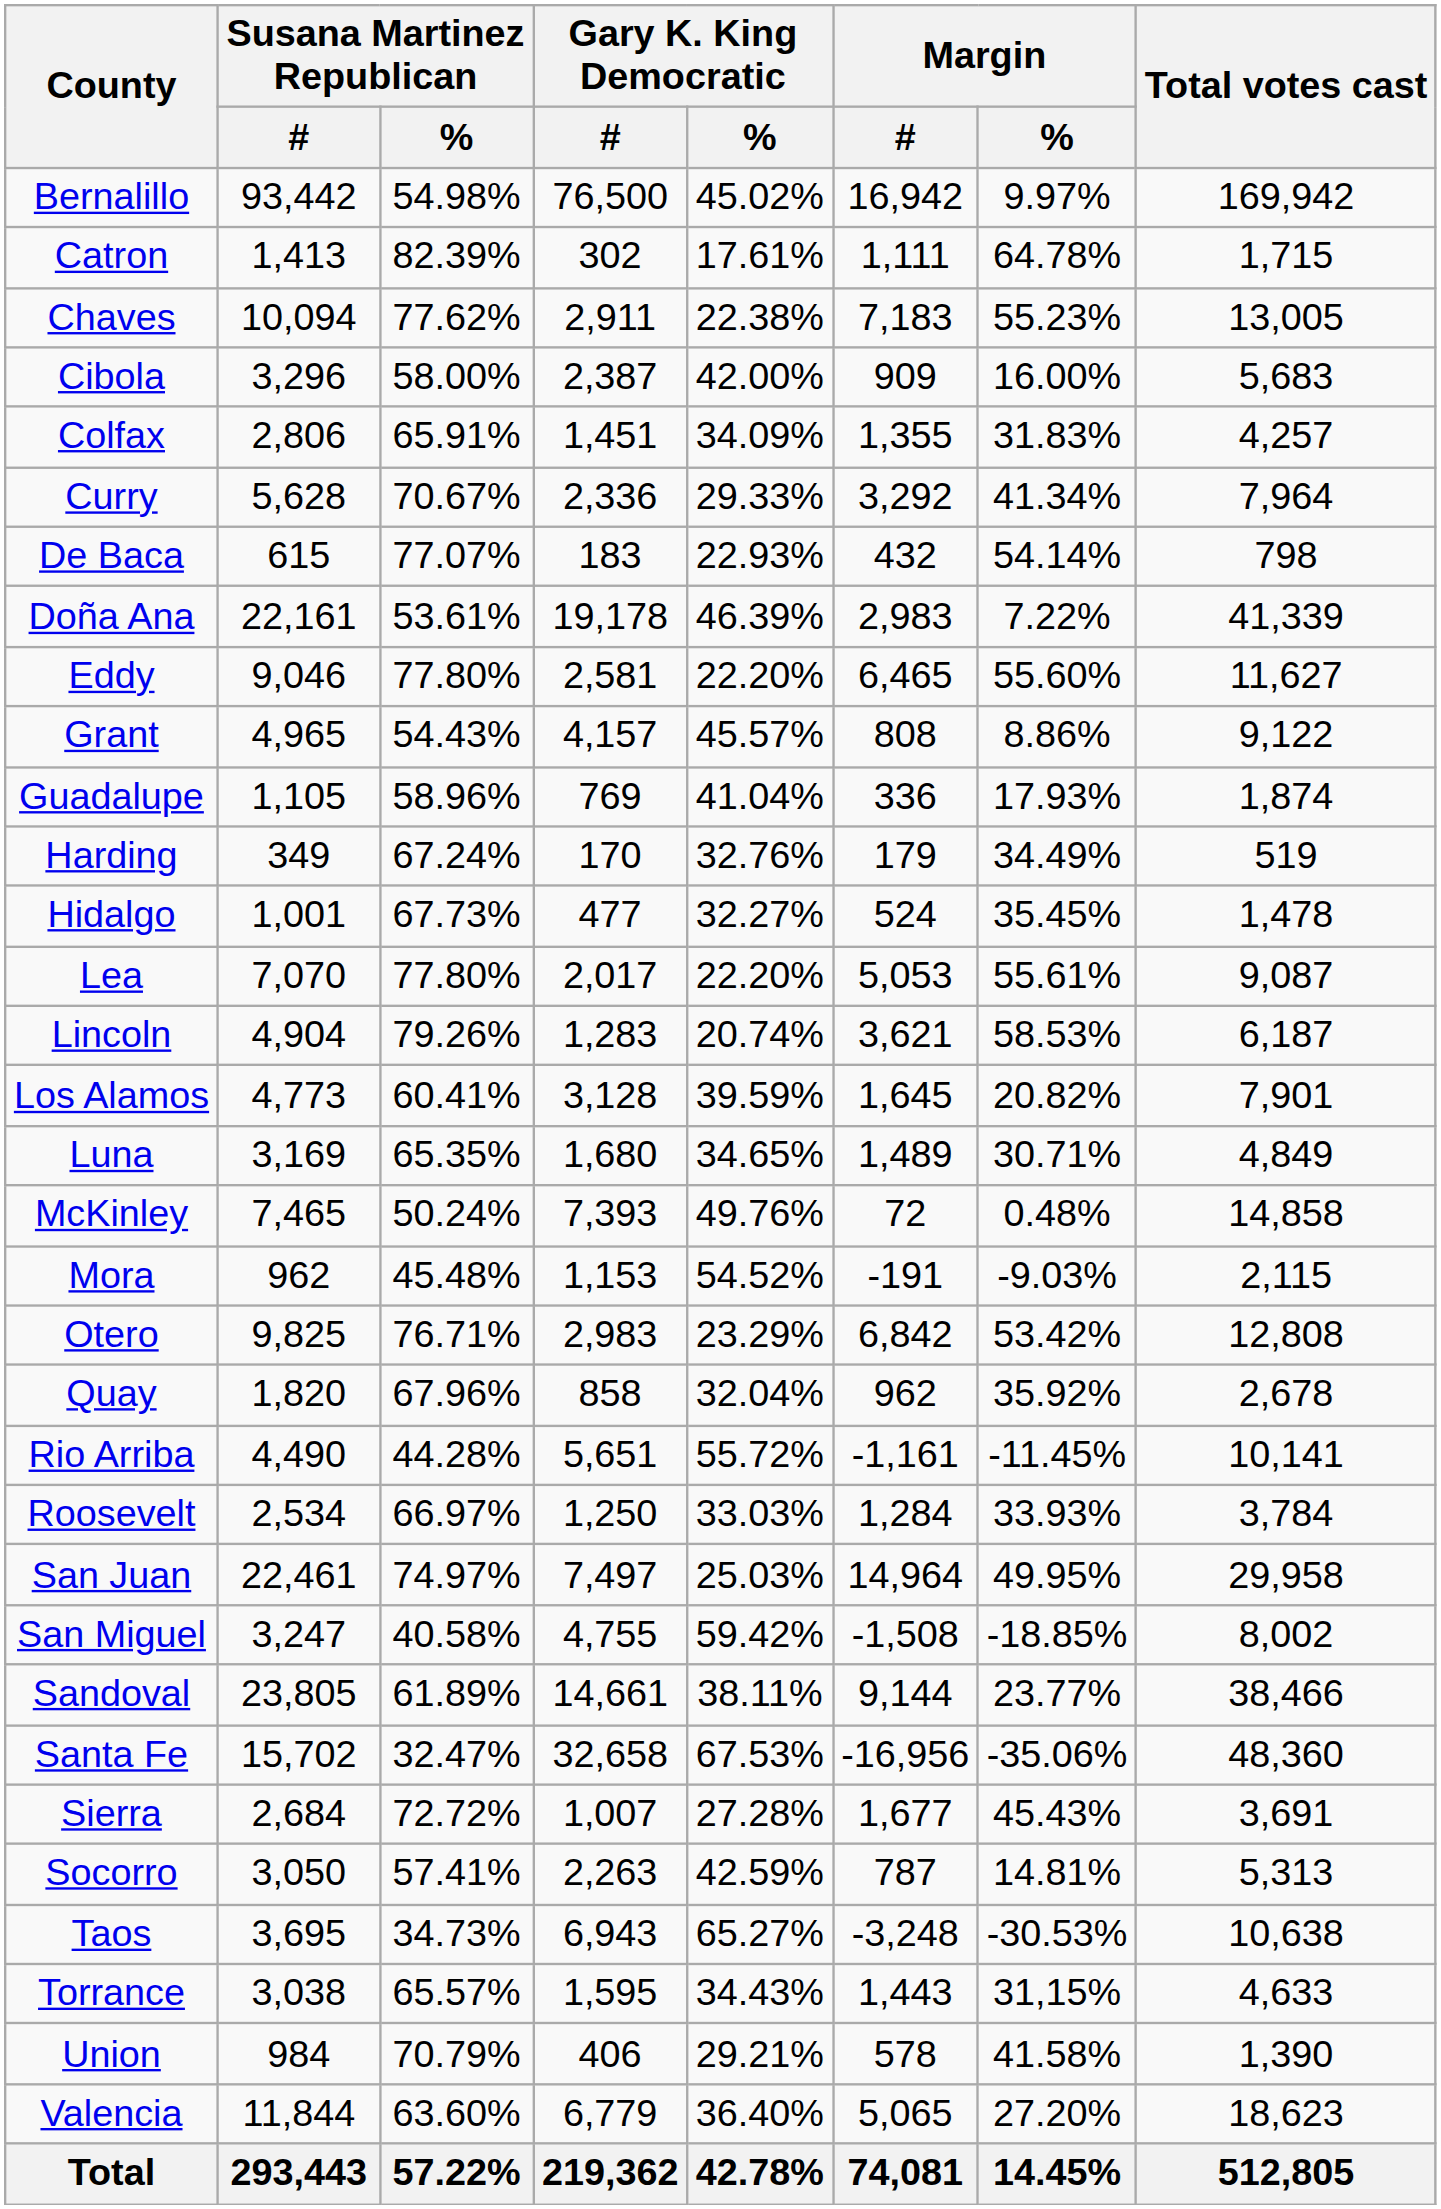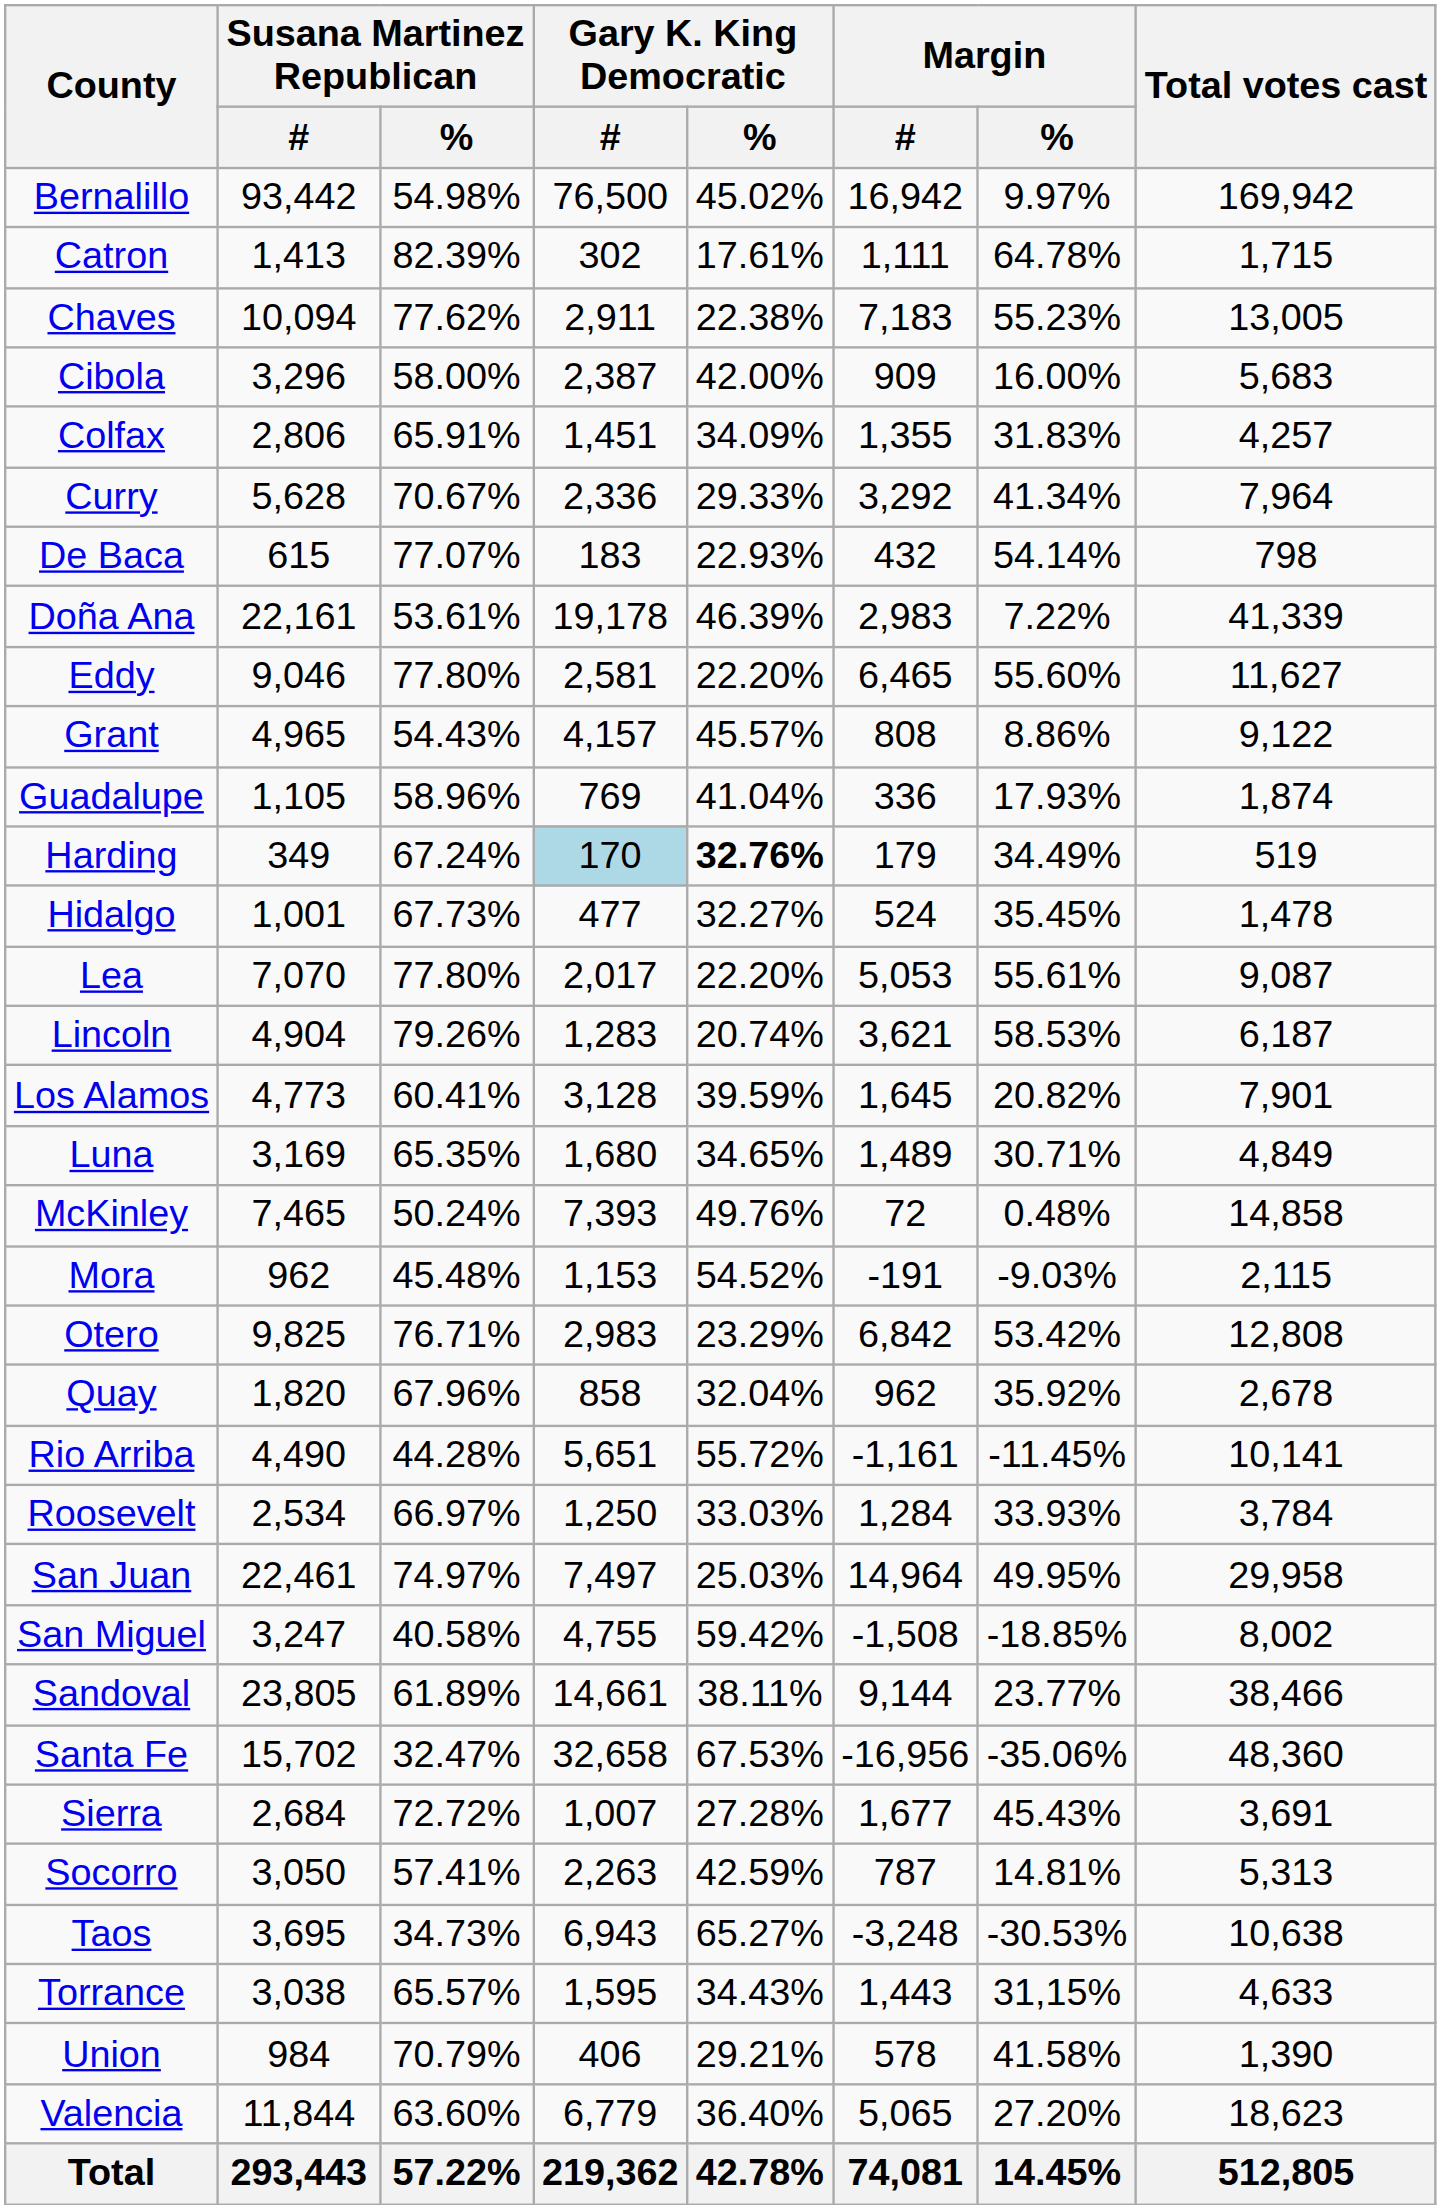 <table class="wikitable sortable" style="text-align:center">
 <tr>
 <th style="text-align:center;" rowspan="2">County</th>
 <th style="text-align:center;" colspan="2">Susana Martinez<br>Republican</th>
 <th style="text-align:center;" colspan="2">Gary K. King<br>Democratic</th>
 <th style="text-align:center;" colspan="2">Margin</th>
 <th style="text-align:center;" rowspan="2">Total votes cast</th>
 </tr>
 <tr>
 <th style="text-align:center;" data-sort-type="number">#</th>
 <th style="text-align:center;" data-sort-type="number">%</th>
 <th style="text-align:center;" data-sort-type="number">#</th>
 <th style="text-align:center;" data-sort-type="number">%</th>
 <th style="text-align:center;" data-sort-type="number">#</th>
 <th style="text-align:center;" data-sort-type="number">%</th>
 </tr>
 <tr style="text-align:center;">
 <td><a href='#'>Bernalillo</a></td>
 <td>93,442</td>
 <td>54.98%</td>
 <td>76,500</td>
 <td>45.02%</td>
 <td>16,942</td>
 <td>9.97%</td>
 <td>169,942</td>
 </tr>
 <tr style="text-align:center;">
 <td><a href='#'>Catron</a></td>
 <td>1,413</td>
 <td>82.39%</td>
 <td>302</td>
 <td>17.61%</td>
 <td>1,111</td>
 <td>64.78%</td>
 <td>1,715</td>
 </tr>
 <tr style="text-align:center;">
 <td><a href='#'>Chaves</a></td>
 <td>10,094</td>
 <td>77.62%</td>
 <td>2,911</td>
 <td>22.38%</td>
 <td>7,183</td>
 <td>55.23%</td>
 <td>13,005</td>
 </tr>
 <tr style="text-align:center;">
 <td><a href='#'>Cibola</a></td>
 <td>3,296</td>
 <td>58.00%</td>
 <td>2,387</td>
 <td>42.00%</td>
 <td>909</td>
 <td>16.00%</td>
 <td>5,683</td>
 </tr>
 <tr style="text-align:center;">
 <td><a href='#'>Colfax</a></td>
 <td>2,806</td>
 <td>65.91%</td>
 <td>1,451</td>
 <td>34.09%</td>
 <td>1,355</td>
 <td>31.83%</td>
 <td>4,257</td>
 </tr>
 <tr style="text-align:center;">
 <td><a href='#'>Curry</a></td>
 <td>5,628</td>
 <td>70.67%</td>
 <td>2,336</td>
 <td>29.33%</td>
 <td>3,292</td>
 <td>41.34%</td>
 <td>7,964</td>
 </tr>
 <tr style="text-align:center;">
 <td><a href='#'>De Baca</a></td>
 <td>615</td>
 <td>77.07%</td>
 <td>183</td>
 <td>22.93%</td>
 <td>432</td>
 <td>54.14%</td>
 <td>798</td>
 </tr>
 <tr style="text-align:center;">
 <td><a href='#'>Doña Ana</a></td>
 <td>22,161</td>
 <td>53.61%</td>
 <td>19,178</td>
 <td>46.39%</td>
 <td>2,983</td>
 <td>7.22%</td>
 <td>41,339</td>
 </tr>
 <tr style="text-align:center;">
 <td><a href='#'>Eddy</a></td>
 <td>9,046</td>
 <td>77.80%</td>
 <td>2,581</td>
 <td>22.20%</td>
 <td>6,465</td>
 <td>55.60%</td>
 <td>11,627</td>
 </tr>
 <tr style="text-align:center;">
 <td><a href='#'>Grant</a></td>
 <td>4,965</td>
 <td>54.43%</td>
 <td>4,157</td>
 <td>45.57%</td>
 <td>808</td>
 <td>8.86%</td>
 <td>9,122</td>
 </tr>
 <tr style="text-align:center;">
 <td><a href='#'>Guadalupe</a></td>
 <td>1,105</td>
 <td>58.96%</td>
 <td>769</td>
 <td>41.04%</td>
 <td>336</td>
 <td>17.93%</td>
 <td>1,874</td>
 </tr>
 <tr style="text-align:center;">
 <td><a href='#'>Harding</a></td>
 <td>349</td>
 <td>67.24%</td>
-<td>170</td>
-<td>32.76%</td>
+<td style="background: lightblue;">170</td>
+<td><strong>32.76%</strong></td>
 <td>179</td>
 <td>34.49%</td>
 <td>519</td>
 </tr>
 <tr style="text-align:center;">
 <td><a href='#'>Hidalgo</a></td>
 <td>1,001</td>
 <td>67.73%</td>
 <td>477</td>
 <td>32.27%</td>
 <td>524</td>
 <td>35.45%</td>
 <td>1,478</td>
 </tr>
 <tr style="text-align:center;">
 <td><a href='#'>Lea</a></td>
 <td>7,070</td>
 <td>77.80%</td>
 <td>2,017</td>
 <td>22.20%</td>
 <td>5,053</td>
 <td>55.61%</td>
 <td>9,087</td>
 </tr>
 <tr style="text-align:center;">
 <td><a href='#'>Lincoln</a></td>
 <td>4,904</td>
 <td>79.26%</td>
 <td>1,283</td>
 <td>20.74%</td>
 <td>3,621</td>
 <td>58.53%</td>
 <td>6,187</td>
 </tr>
 <tr style="text-align:center;">
 <td><a href='#'>Los Alamos</a></td>
 <td>4,773</td>
 <td>60.41%</td>
 <td>3,128</td>
 <td>39.59%</td>
 <td>1,645</td>
 <td>20.82%</td>
 <td>7,901</td>
 </tr>
 <tr style="text-align:center;">
 <td><a href='#'>Luna</a></td>
 <td>3,169</td>
 <td>65.35%</td>
 <td>1,680</td>
 <td>34.65%</td>
 <td>1,489</td>
 <td>30.71%</td>
 <td>4,849</td>
 </tr>
 <tr style="text-align:center;">
 <td><a href='#'>McKinley</a></td>
 <td>7,465</td>
 <td>50.24%</td>
 <td>7,393</td>
 <td>49.76%</td>
 <td>72</td>
 <td>0.48%</td>
 <td>14,858</td>
 </tr>
 <tr style="text-align:center;">
 <td><a href='#'>Mora</a></td>
 <td>962</td>
 <td>45.48%</td>
 <td>1,153</td>
 <td>54.52%</td>
 <td>-191</td>
 <td>-9.03%</td>
 <td>2,115</td>
 </tr>
 <tr style="text-align:center;">
 <td><a href='#'>Otero</a></td>
 <td>9,825</td>
 <td>76.71%</td>
 <td>2,983</td>
 <td>23.29%</td>
 <td>6,842</td>
 <td>53.42%</td>
 <td>12,808</td>
 </tr>
 <tr style="text-align:center;">
 <td><a href='#'>Quay</a></td>
 <td>1,820</td>
 <td>67.96%</td>
 <td>858</td>
 <td>32.04%</td>
 <td>962</td>
 <td>35.92%</td>
 <td>2,678</td>
 </tr>
 <tr style="text-align:center;">
 <td><a href='#'>Rio Arriba</a></td>
 <td>4,490</td>
 <td>44.28%</td>
 <td>5,651</td>
 <td>55.72%</td>
 <td>-1,161</td>
 <td>-11.45%</td>
 <td>10,141</td>
 </tr>
 <tr style="text-align:center;">
 <td><a href='#'>Roosevelt</a></td>
 <td>2,534</td>
 <td>66.97%</td>
 <td>1,250</td>
 <td>33.03%</td>
 <td>1,284</td>
 <td>33.93%</td>
 <td>3,784</td>
 </tr>
 <tr style="text-align:center;">
 <td><a href='#'>San Juan</a></td>
 <td>22,461</td>
 <td>74.97%</td>
 <td>7,497</td>
 <td>25.03%</td>
 <td>14,964</td>
 <td>49.95%</td>
 <td>29,958</td>
 </tr>
 <tr style="text-align:center;">
 <td><a href='#'>San Miguel</a></td>
 <td>3,247</td>
 <td>40.58%</td>
 <td>4,755</td>
 <td>59.42%</td>
 <td>-1,508</td>
 <td>-18.85%</td>
 <td>8,002</td>
 </tr>
 <tr style="text-align:center;">
 <td><a href='#'>Sandoval</a></td>
 <td>23,805</td>
 <td>61.89%</td>
 <td>14,661</td>
 <td>38.11%</td>
 <td>9,144</td>
 <td>23.77%</td>
 <td>38,466</td>
 </tr>
 <tr style="text-align:center;">
 <td><a href='#'>Santa Fe</a></td>
 <td>15,702</td>
 <td>32.47%</td>
 <td>32,658</td>
 <td>67.53%</td>
 <td>-16,956</td>
 <td>-35.06%</td>
 <td>48,360</td>
 </tr>
 <tr style="text-align:center;">
 <td><a href='#'>Sierra</a></td>
 <td>2,684</td>
 <td>72.72%</td>
 <td>1,007</td>
 <td>27.28%</td>
 <td>1,677</td>
 <td>45.43%</td>
 <td>3,691</td>
 </tr>
 <tr style="text-align:center;">
 <td><a href='#'>Socorro</a></td>
 <td>3,050</td>
 <td>57.41%</td>
 <td>2,263</td>
 <td>42.59%</td>
 <td>787</td>
 <td>14.81%</td>
 <td>5,313</td>
 </tr>
 <tr style="text-align:center;">
 <td><a href='#'>Taos</a></td>
 <td>3,695</td>
 <td>34.73%</td>
 <td>6,943</td>
 <td>65.27%</td>
 <td>-3,248</td>
 <td>-30.53%</td>
 <td>10,638</td>
 </tr>
 <tr style="text-align:center;">
 <td><a href='#'>Torrance</a></td>
 <td>3,038</td>
 <td>65.57%</td>
 <td>1,595</td>
 <td>34.43%</td>
 <td>1,443</td>
 <td>31,15%</td>
 <td>4,633</td>
 </tr>
 <tr style="text-align:center;">
 <td><a href='#'>Union</a></td>
 <td>984</td>
 <td>70.79%</td>
 <td>406</td>
 <td>29.21%</td>
 <td>578</td>
 <td>41.58%</td>
 <td>1,390</td>
 </tr>
 <tr style="text-align:center;">
 <td><a href='#'>Valencia</a></td>
 <td>11,844</td>
 <td>63.60%</td>
 <td>6,779</td>
 <td>36.40%</td>
 <td>5,065</td>
 <td>27.20%</td>
 <td>18,623</td>
 </tr>
 <tr style="text-align:center;">
 <th>Total</th>
 <th>293,443</th>
 <th>57.22%</th>
 <th>219,362</th>
 <th>42.78%</th>
 <th>74,081</th>
 <th>14.45%</th>
 <th>512,805</th>
 </tr>
 </table>
